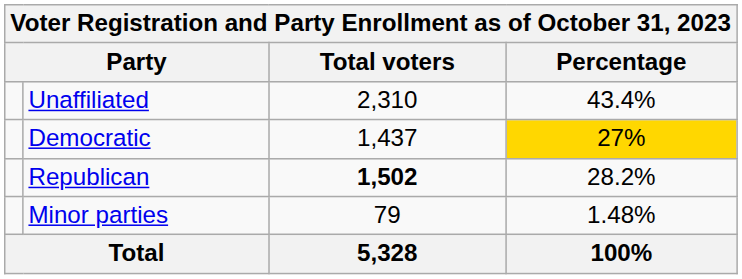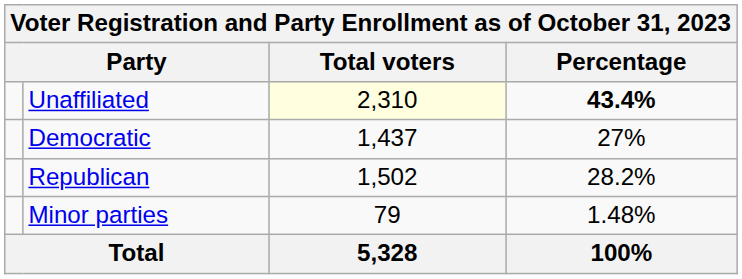 <table class=wikitable>
 <tr>
 <th colspan = 6>Voter Registration and Party Enrollment as of October 31, 2023</th>
 </tr>
 <tr>
 <th colspan = 2>Party</th>
 <th>Total voters</th>
 <th>Percentage</th>
 </tr>
 <tr>
 <td></td>
 <td><a href='#'>Unaffiliated</a></td>
-<td align=center>2,310</td>
-<td align=center>43.4%</td>
+<td align=center style="background: lightyellow;">2,310</td>
+<td align=center><strong>43.4%</strong></td>
 </tr>
 <tr>
 <td></td>
 <td><a href='#'>Democratic</a></td>
 <td align=center>1,437</td>
-<td align=center style="background: gold;">27%</td>
+<td align=center>27%</td>
 </tr>
 <tr>
 <td></td>
 <td><a href='#'>Republican</a></td>
-<td align=center><strong>1,502</strong></td>
+<td align=center>1,502</td>
 <td align=center>28.2%</td>
 </tr>
 <tr>
 <td></td>
 <td><a href='#'>Minor parties</a></td>
 <td align=center>79</td>
 <td align=center>1.48%</td>
 </tr>
 <tr>
 <th colspan = 2>Total</th>
 <th align=center>5,328</th>
 <th align=center>100%</th>
 </tr>
 </table>
